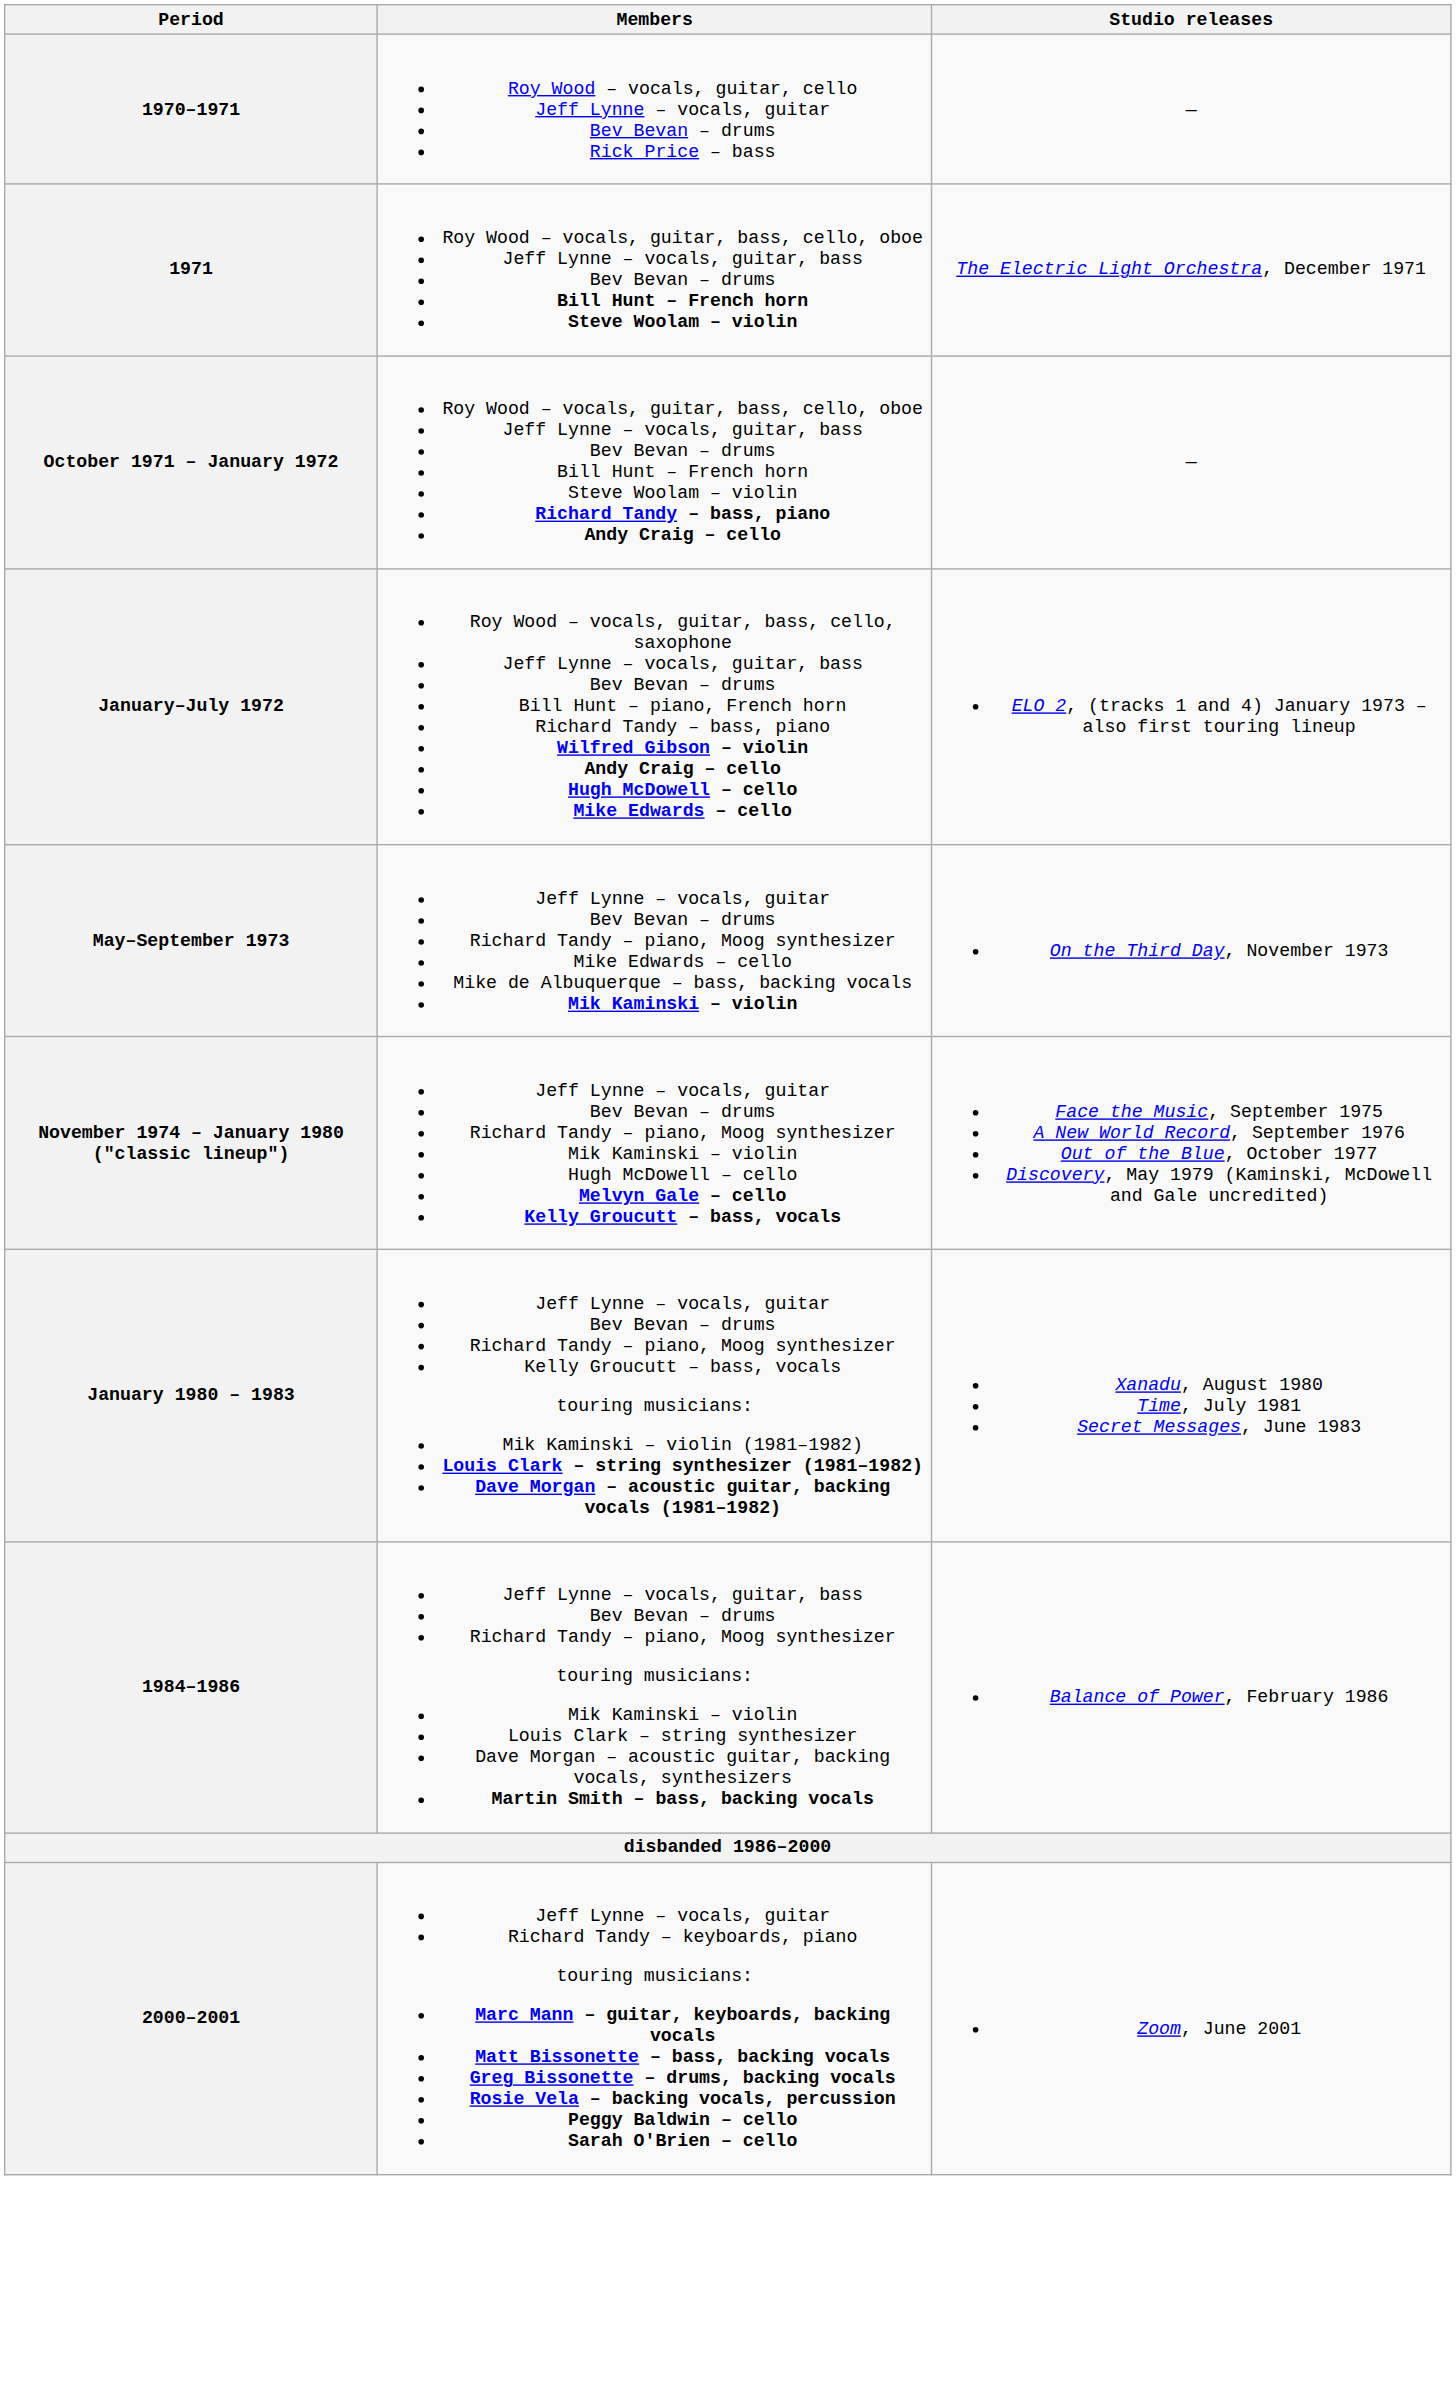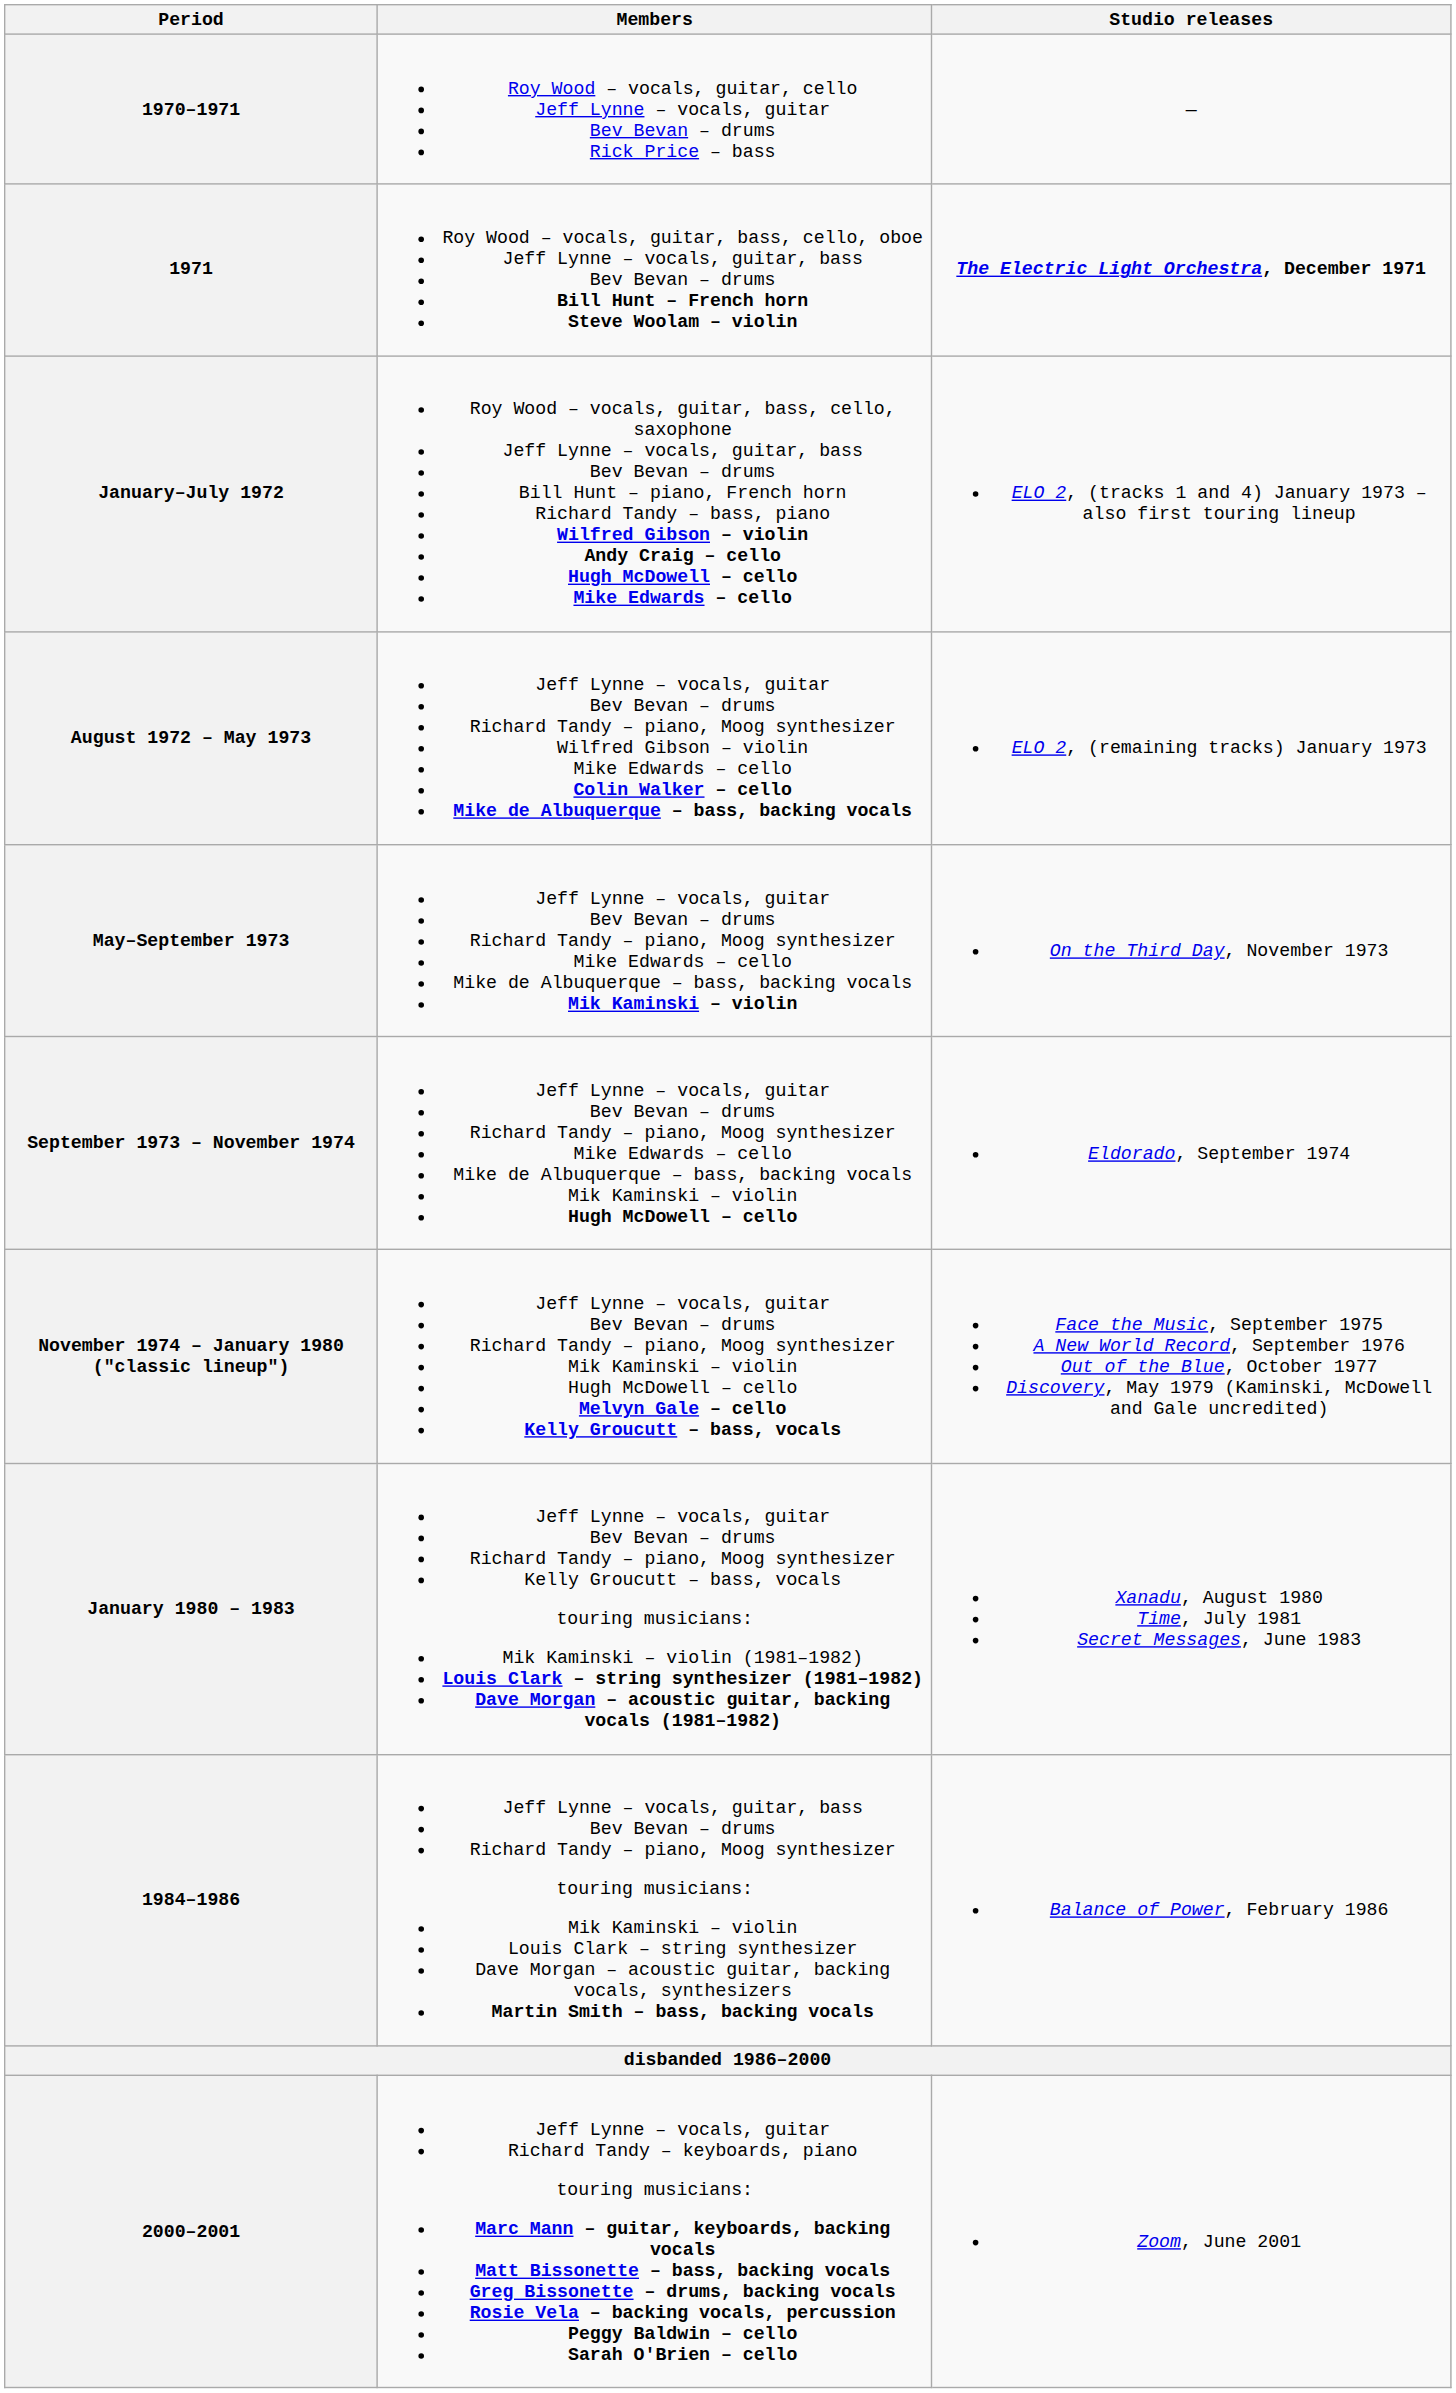 <table class="wikitable plainrowheaders" style="text-align:center;">
 <tr>
 <th scope="col" style="width:20em;">Period</th>
 <th scope="col" style="width:30em;">Members</th>
 <th scope="col" style="width:28em;">Studio releases</th>
 </tr>
 <tr>
 <th><strong>1970–1971</strong></th>
 <td><br><ul><li><a href='#'>Roy Wood</a> – vocals, guitar, cello</li><li><a href='#'>Jeff Lynne</a> – vocals, guitar</li><li><a href='#'>Bev Bevan</a> – drums</li><li><a href='#'>Rick Price</a> – bass</li></ul></td>
 <td align="center">—</td>
 </tr>
 <tr>
 <th><strong>1971</strong></th>
 <td><br><ul><li>Roy Wood – vocals, guitar, bass, cello, oboe</li><li>Jeff Lynne – vocals, guitar, bass</li><li>Bev Bevan – drums</li><li><strong>Bill Hunt – French horn</strong></li><li><strong>Steve Woolam – violin</strong></li></ul></td>
-<td><em><a href='#'>The Electric Light Orchestra</a></em>, December 1971</td>
-</tr>
-<tr>
-<th><strong>October 1971 – January 1972</strong></th>
-<td><br><ul><li>Roy Wood – vocals, guitar, bass, cello, oboe</li><li>Jeff Lynne – vocals, guitar, bass</li><li>Bev Bevan – drums</li><li>Bill Hunt – French horn</li><li>Steve Woolam – violin</li><li><strong><a href='#'>Richard Tandy</a> – bass, piano</strong></li><li><strong>Andy Craig – cello</strong></li></ul></td>
-<td align="center">—</td>
+<td><strong><em><a href='#'>The Electric Light Orchestra</a></em>, December 1971</strong></td>
 </tr>
 <tr>
 <th><strong>January–July 1972</strong></th>
 <td><br><ul><li>Roy Wood – vocals, guitar, bass, cello, saxophone</li><li>Jeff Lynne – vocals, guitar, bass</li><li>Bev Bevan – drums</li><li>Bill Hunt – piano, French horn</li><li>Richard Tandy – bass, piano</li><li><strong><a href='#'>Wilfred Gibson</a> – violin</strong></li><li><strong>Andy Craig – cello</strong></li><li><strong><a href='#'>Hugh McDowell</a> – cello</strong></li><li><strong><a href='#'>Mike Edwards</a> – cello</strong></li></ul></td>
 <td><br><ul><li><em><a href='#'>ELO 2</a></em>, (tracks 1 and 4) January 1973 – also first touring lineup</li></ul></td>
 </tr>
 <tr>
+<th><strong>August 1972 – May 1973</strong></th>
+<td><br><ul><li>Jeff Lynne – vocals, guitar</li><li>Bev Bevan – drums</li><li>Richard Tandy – piano, Moog synthesizer</li><li>Wilfred Gibson – violin</li><li>Mike Edwards – cello</li><li><strong><a href='#'>Colin Walker</a> – cello</strong></li><li><strong><a href='#'>Mike de Albuquerque</a> – bass, backing vocals</strong></li></ul></td>
+<td><br><ul><li><em><a href='#'>ELO 2</a></em>, (remaining tracks) January 1973</li></ul></td>
+</tr>
+<tr>
 <th><strong>May–September 1973</strong></th>
 <td><br><ul><li>Jeff Lynne – vocals, guitar</li><li>Bev Bevan – drums</li><li>Richard Tandy – piano, Moog synthesizer</li><li>Mike Edwards – cello</li><li>Mike de Albuquerque – bass, backing vocals</li><li><strong><a href='#'>Mik Kaminski</a> – violin</strong></li></ul></td>
 <td><br><ul><li><em><a href='#'>On the Third Day</a></em>, November 1973</li></ul></td>
+</tr>
+<tr>
+<th><strong>September 1973 – November 1974</strong></th>
+<td><br><ul><li>Jeff Lynne – vocals, guitar</li><li>Bev Bevan – drums</li><li>Richard Tandy – piano, Moog synthesizer</li><li>Mike Edwards – cello</li><li>Mike de Albuquerque – bass, backing vocals</li><li>Mik Kaminski – violin</li><li><strong>Hugh McDowell – cello</strong></li></ul></td>
+<td><br><ul><li><em><a href='#'>Eldorado</a></em>, September 1974</li></ul></td>
 </tr>
 <tr>
 <th><strong>November 1974 – January 1980</strong> ("classic lineup")</th>
 <td><br><ul><li>Jeff Lynne – vocals, guitar</li><li>Bev Bevan – drums</li><li>Richard Tandy – piano, Moog synthesizer</li><li>Mik Kaminski – violin</li><li>Hugh McDowell – cello</li><li><strong><a href='#'>Melvyn Gale</a> – cello</strong></li><li><strong><a href='#'>Kelly Groucutt</a> – bass, vocals</strong></li></ul></td>
 <td><br><ul><li><em><a href='#'>Face the Music</a></em>, September 1975</li><li><em><a href='#'>A New World Record</a></em>, September 1976</li><li><em><a href='#'>Out of the Blue</a></em>, October 1977</li><li><em><a href='#'>Discovery</a></em>, May 1979 (Kaminski, McDowell and Gale uncredited)</li></ul></td>
 </tr>
 <tr>
 <th><strong>January 1980 – 1983</strong></th>
 <td><br><ul><li>Jeff Lynne – vocals, guitar</li><li>Bev Bevan – drums</li><li>Richard Tandy – piano, Moog synthesizer</li><li>Kelly Groucutt – bass, vocals</li></ul>touring musicians:<ul><li>Mik Kaminski – violin (1981–1982)</li><li><strong><a href='#'>Louis Clark</a> – string synthesizer (1981–1982)</strong></li><li><strong><a href='#'>Dave Morgan</a> – acoustic guitar, backing vocals (1981–1982)</strong></li></ul></td>
 <td><br><ul><li><em><a href='#'>Xanadu</a></em>, August 1980</li><li><em><a href='#'>Time</a></em>, July 1981</li><li><em><a href='#'>Secret Messages</a></em>, June 1983</li></ul></td>
 </tr>
 <tr>
 <th><strong>1984–1986</strong></th>
 <td><br><ul><li>Jeff Lynne – vocals, guitar, bass</li><li>Bev Bevan – drums</li><li>Richard Tandy – piano, Moog synthesizer</li></ul>touring musicians:<ul><li>Mik Kaminski – violin</li><li>Louis Clark – string synthesizer</li><li>Dave Morgan – acoustic guitar, backing vocals, synthesizers</li><li><strong>Martin Smith – bass, backing vocals</strong></li></ul></td>
 <td><br><ul><li><em><a href='#'>Balance of Power</a></em>, February 1986</li></ul></td>
 </tr>
 <tr>
 <th colspan="3">disbanded 1986–2000</th>
 </tr>
 <tr>
 <th>2000–2001</th>
 <td><br><ul><li>Jeff Lynne – vocals, guitar</li><li>Richard Tandy – keyboards, piano</li></ul>touring musicians:<ul><li><strong><a href='#'>Marc Mann</a> – guitar, keyboards, backing vocals</strong></li><li><strong><a href='#'>Matt Bissonette</a> – bass, backing vocals</strong></li><li><strong><a href='#'>Greg Bissonette</a> – drums, backing vocals</strong></li><li><strong><a href='#'>Rosie Vela</a> – backing vocals, percussion</strong></li><li><strong>Peggy Baldwin – cello</strong></li><li><strong>Sarah O'Brien – cello</strong></li></ul></td>
 <td><br><ul><li><em><a href='#'>Zoom</a></em>, June 2001</li></ul></td>
 </tr>
 </table>
